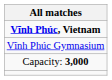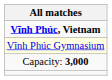 <table class="wikitable" style="text-align:center">
 <tr>
 <th>All matches</th>
 </tr>
 <tr>
 <td><strong><a href='#'>Vĩnh Phúc</a>, Vietnam</strong></td>
 </tr>
 <tr>
-<td><a href='#'>Vĩnh Phúc Gymnasium</a></td>
+<td style="background: lightyellow;"><a href='#'>Vĩnh Phúc Gymnasium</a></td>
 </tr>
 <tr>
 <td>Capacity: <strong>3,000</strong></td>
 </tr>
 <tr>
 <td></td>
 </tr>
 </table>
